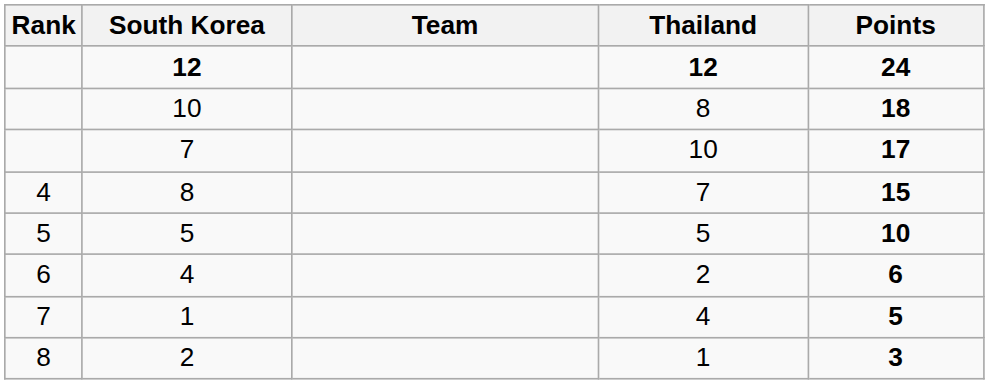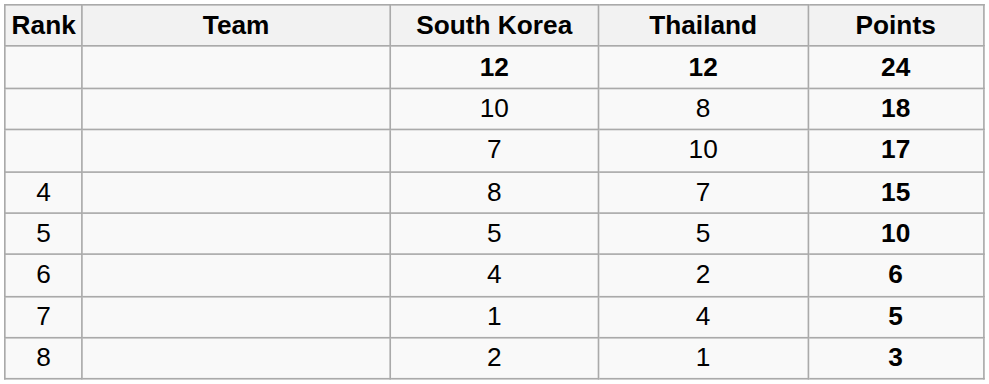 <table class="wikitable" style="text-align: center;">
 <tr>
 <th width="40">Rank</th>
+<th width="180">Team</th>
 <th width="120">South Korea</th>
-<th width="180">Team</th>
 <th width="120">Thailand</th>
 <th width="100">Points</th>
 </tr>
 <tr>
 <td></td>
+<td align="left"></td>
 <td><strong>12</strong></td>
-<td align="left"></td>
 <td><strong>12</strong></td>
 <td><strong>24</strong></td>
 </tr>
 <tr>
 <td></td>
+<td align="left"></td>
 <td>10</td>
-<td align="left"></td>
 <td>8</td>
 <td><strong>18</strong></td>
 </tr>
 <tr>
 <td></td>
+<td align="left"></td>
 <td>7</td>
-<td align="left"></td>
 <td>10</td>
 <td><strong>17</strong></td>
 </tr>
 <tr>
 <td>4</td>
+<td align="left"></td>
 <td>8</td>
-<td align="left"></td>
 <td>7</td>
 <td><strong>15</strong></td>
 </tr>
 <tr>
 <td>5</td>
+<td align="left"></td>
 <td>5</td>
-<td align="left"></td>
 <td>5</td>
 <td><strong>10</strong></td>
 </tr>
 <tr>
 <td>6</td>
+<td align="left"></td>
 <td>4</td>
-<td align="left"></td>
 <td>2</td>
 <td><strong>6</strong></td>
 </tr>
 <tr>
 <td>7</td>
+<td align="left"></td>
 <td>1</td>
-<td align="left"></td>
 <td>4</td>
 <td><strong>5</strong></td>
 </tr>
 <tr>
 <td>8</td>
+<td align="left"></td>
 <td>2</td>
-<td align="left"></td>
 <td>1</td>
 <td><strong>3</strong></td>
 </tr>
 </table>
